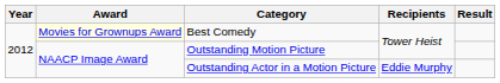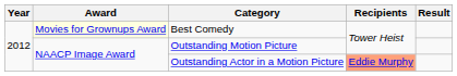 <table class="wikitable sortable plainrowheaders">
 <tr>
 <th>Year</th>
 <th>Award</th>
 <th>Category</th>
 <th>Recipients</th>
 <th>Result</th>
 </tr>
 <tr>
 <td rowspan=3>2012</td>
 <td style="background: lightyellow;"><a href='#'>Movies for Grownups Award</a></td>
 <td>Best Comedy</td>
 <td rowspan=2><em>Tower Heist</em></td>
 <td></td>
 </tr>
 <tr>
 <td rowspan=2><a href='#'>NAACP Image Award</a></td>
 <td><a href='#'>Outstanding Motion Picture</a></td>
 <td></td>
 </tr>
 <tr>
 <td><a href='#'>Outstanding Actor in a Motion Picture</a></td>
-<td><a href='#'>Eddie Murphy</a></td>
+<td style="background: lightsalmon;"><a href='#'>Eddie Murphy</a></td>
 <td></td>
 </tr>
 </table>
